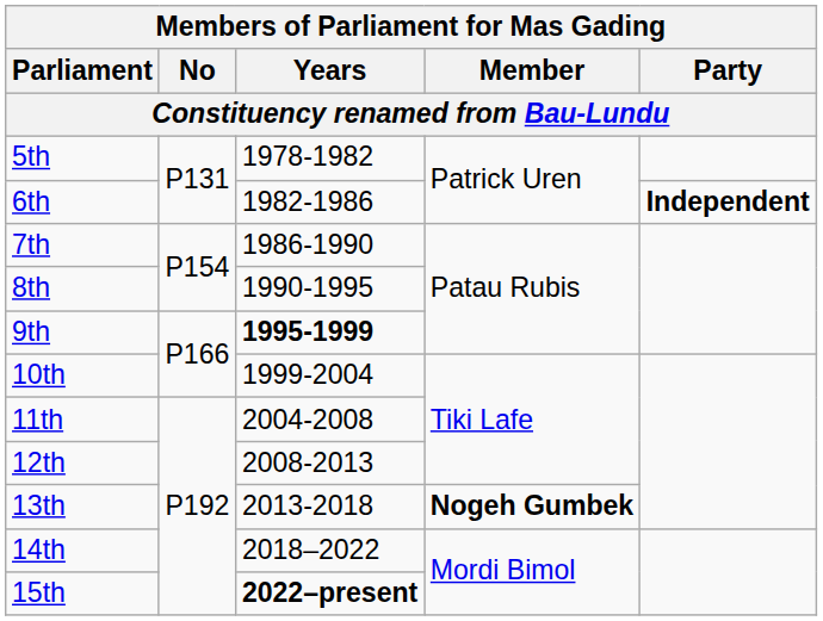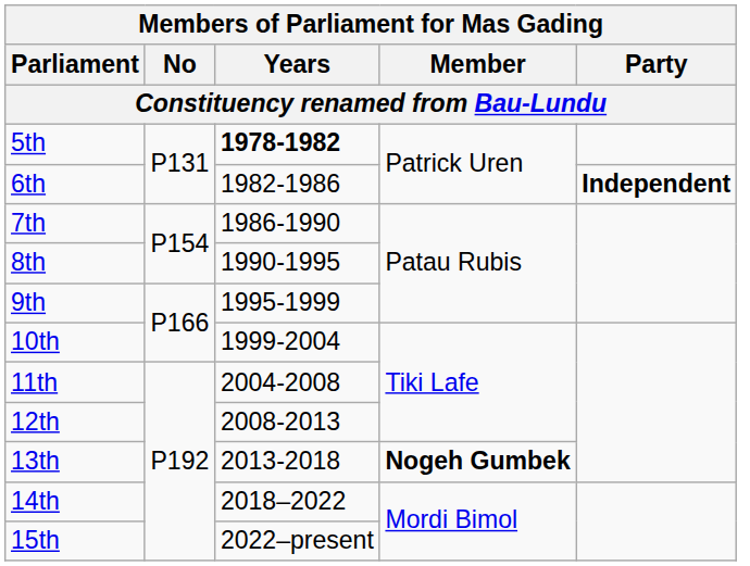 <table class=wikitable>
 <tr>
 <th colspan="5">Members of Parliament for Mas Gading</th>
 </tr>
 <tr>
 <th>Parliament</th>
 <th>No</th>
 <th>Years</th>
 <th>Member</th>
 <th>Party</th>
 </tr>
 <tr>
 <th colspan="5" align="center"><em>Constituency renamed from <a href='#'>Bau-Lundu</a></em></th>
 </tr>
 <tr>
 <td><a href='#'>5th</a></td>
 <td rowspan="2">P131</td>
-<td>1978-1982</td>
+<td><strong>1978-1982</strong></td>
 <td rowspan=2>Patrick Uren</td>
 <td></td>
 </tr>
 <tr>
 <td><a href='#'>6th</a></td>
 <td>1982-1986</td>
 <td><strong>Independent</strong></td>
 </tr>
 <tr>
 <td><a href='#'>7th</a></td>
 <td rowspan="2">P154</td>
 <td>1986-1990</td>
 <td rowspan=3>Patau Rubis</td>
 <td rowspan="3"></td>
 </tr>
 <tr>
 <td><a href='#'>8th</a></td>
 <td>1990-1995</td>
 </tr>
 <tr>
 <td><a href='#'>9th</a></td>
 <td rowspan="2">P166</td>
-<td><strong>1995-1999</strong></td>
+<td>1995-1999</td>
 </tr>
 <tr>
 <td><a href='#'>10th</a></td>
 <td>1999-2004</td>
 <td rowspan=3><a href='#'>Tiki Lafe</a></td>
 <td rowspan="4"></td>
 </tr>
 <tr>
 <td><a href='#'>11th</a></td>
 <td rowspan="5">P192</td>
 <td>2004-2008</td>
 </tr>
 <tr>
 <td><a href='#'>12th</a></td>
 <td>2008-2013</td>
 </tr>
 <tr>
 <td><a href='#'>13th</a></td>
 <td>2013-2018</td>
 <td><strong>Nogeh Gumbek</strong></td>
 </tr>
 <tr>
 <td><a href='#'>14th</a></td>
 <td>2018–2022</td>
 <td rowspan="2"><a href='#'>Mordi Bimol</a></td>
 <td rowspan="2"></td>
 </tr>
 <tr>
 <td><a href='#'>15th</a></td>
-<td><strong>2022–present</strong></td>
+<td>2022–present</td>
 </tr>
 </table>
